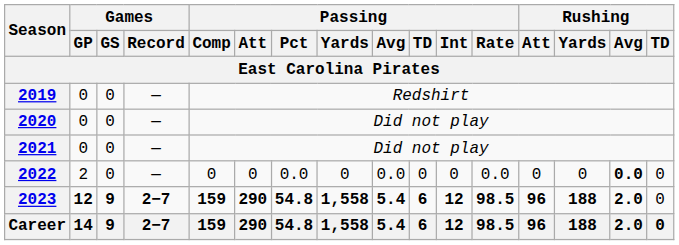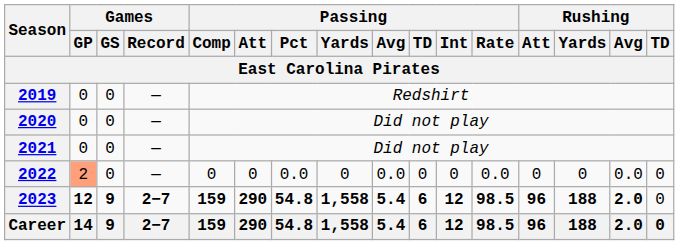 <table class=wikitable style="text-align:center;">
 <tr>
 <th rowspan="2">Season</th>
 <th colspan="3">Games</th>
 <th colspan="8">Passing</th>
 <th colspan="5">Rushing</th>
 </tr>
 <tr>
 <th>GP</th>
 <th>GS</th>
 <th>Record</th>
 <th>Comp</th>
 <th>Att</th>
 <th>Pct</th>
 <th>Yards</th>
 <th>Avg</th>
 <th>TD</th>
 <th>Int</th>
 <th>Rate</th>
 <th>Att</th>
 <th>Yards</th>
 <th>Avg</th>
 <th>TD</th>
 </tr>
 <tr>
 <th colspan="16">East Carolina Pirates</th>
 </tr>
 <tr>
 <th><a href='#'>2019</a></th>
 <td>0</td>
 <td>0</td>
 <td>—</td>
 <td colspan="12"><em>Redshirt </em></td>
 </tr>
 <tr>
 <th><a href='#'>2020</a></th>
 <td>0</td>
 <td>0</td>
 <td>—</td>
 <td colspan="12"><em>Did not play</em></td>
 </tr>
 <tr>
 <th><a href='#'>2021</a></th>
 <td>0</td>
 <td>0</td>
 <td>—</td>
 <td colspan="12"><em>Did not play</em></td>
 </tr>
 <tr>
 <th><a href='#'>2022</a></th>
-<td>2</td>
+<td style="background: lightsalmon;">2</td>
 <td>0</td>
 <td>—</td>
 <td>0</td>
 <td>0</td>
 <td>0.0</td>
 <td>0</td>
 <td>0.0</td>
 <td>0</td>
 <td>0</td>
 <td>0.0</td>
 <td>0</td>
 <td>0</td>
-<td><strong>0.0</strong></td>
+<td>0.0</td>
 <td>0</td>
 </tr>
 <tr>
 <th><a href='#'>2023</a></th>
 <td><strong>12</strong></td>
 <td><strong>9</strong></td>
 <td><strong>2−7</strong></td>
 <td><strong>159</strong></td>
 <td><strong>290</strong></td>
 <td><strong>54.8</strong></td>
 <td><strong>1,558</strong></td>
 <td><strong>5.4</strong></td>
 <td><strong>6</strong></td>
 <td><strong>12</strong></td>
 <td><strong>98.5</strong></td>
 <td><strong>96</strong></td>
 <td><strong>188</strong></td>
 <td><strong>2.0</strong></td>
 <td>0</td>
 </tr>
 <tr>
 <th>Career</th>
 <th>14</th>
 <th>9</th>
 <th>2−7</th>
 <th>159</th>
 <th>290</th>
 <th>54.8</th>
 <th>1,558</th>
 <th>5.4</th>
 <th>6</th>
 <th>12</th>
 <th>98.5</th>
 <th>96</th>
 <th>188</th>
 <th>2.0</th>
 <th>0</th>
 </tr>
 </table>
